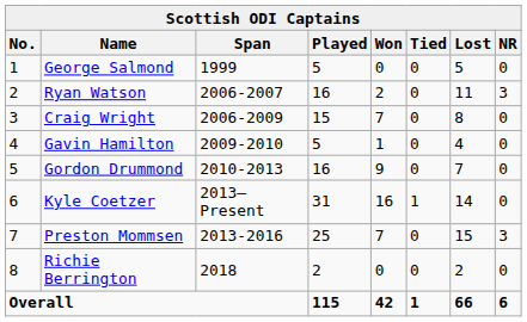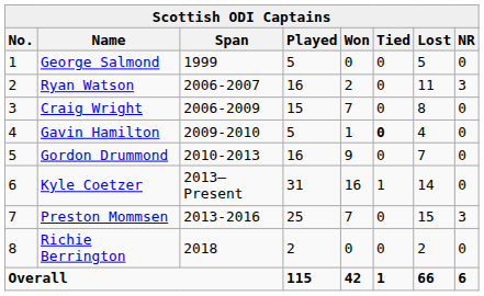 <table class="wikitable" style="width:70%;">
 <tr>
 <th style="background:#efefef;" colspan="9">Scottish ODI Captains </th>
 </tr>
 <tr style="background:#efefef;">
 <th>No.</th>
 <th>Name</th>
 <th>Span</th>
 <th>Played</th>
 <th>Won</th>
 <th>Tied</th>
 <th>Lost</th>
 <th>NR</th>
 </tr>
 <tr>
 <td>1</td>
 <td><a href='#'>George Salmond</a></td>
 <td>1999</td>
 <td>5</td>
 <td>0</td>
 <td>0</td>
 <td>5</td>
 <td>0</td>
 </tr>
 <tr>
 <td>2</td>
 <td><a href='#'>Ryan Watson</a></td>
 <td>2006-2007</td>
 <td>16</td>
 <td>2</td>
 <td>0</td>
 <td>11</td>
 <td>3</td>
 </tr>
 <tr>
 <td>3</td>
 <td><a href='#'>Craig Wright</a></td>
 <td>2006-2009</td>
 <td>15</td>
 <td>7</td>
 <td>0</td>
 <td>8</td>
 <td>0</td>
 </tr>
 <tr>
 <td>4</td>
 <td><a href='#'>Gavin Hamilton</a></td>
 <td>2009-2010</td>
 <td>5</td>
 <td>1</td>
-<td>0</td>
+<td><strong>0</strong></td>
 <td>4</td>
 <td>0</td>
 </tr>
 <tr>
 <td>5</td>
 <td><a href='#'>Gordon Drummond</a></td>
 <td>2010-2013</td>
 <td>16</td>
 <td>9</td>
 <td>0</td>
 <td>7</td>
 <td>0</td>
 </tr>
 <tr>
 <td>6</td>
 <td><a href='#'>Kyle Coetzer</a></td>
 <td>2013–Present</td>
 <td>31</td>
 <td>16</td>
 <td>1</td>
 <td>14</td>
 <td>0</td>
 </tr>
 <tr>
 <td>7</td>
 <td><a href='#'>Preston Mommsen</a></td>
 <td>2013-2016</td>
 <td>25</td>
 <td>7</td>
 <td>0</td>
 <td>15</td>
 <td>3</td>
 </tr>
 <tr>
 <td>8</td>
 <td><a href='#'>Richie Berrington</a></td>
 <td>2018</td>
 <td>2</td>
 <td>0</td>
 <td>0</td>
 <td>2</td>
 <td>0</td>
 </tr>
 <tr>
 <td colspan="3"><strong>Overall</strong></td>
 <td><strong>115</strong></td>
 <td><strong>42</strong></td>
 <td><strong>1</strong></td>
 <td><strong>66</strong></td>
 <td><strong>6</strong></td>
 </tr>
 </table>
